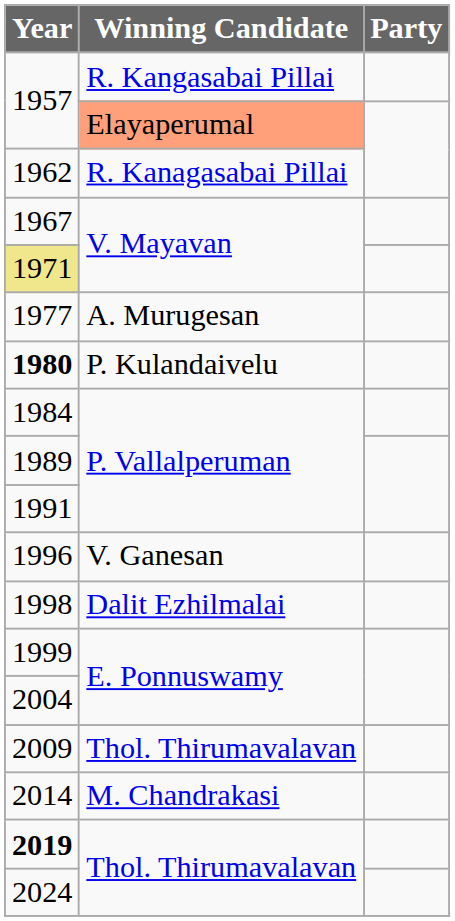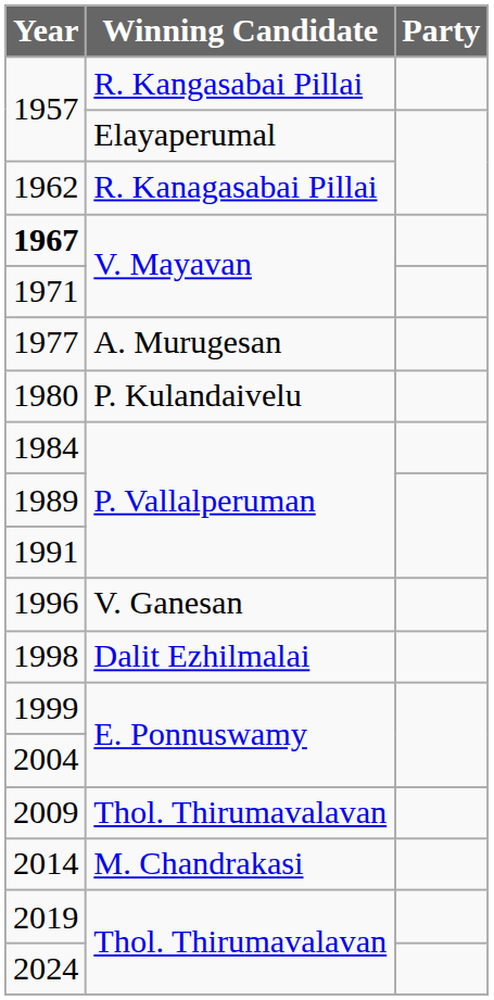 <table class="wikitable sortable">
 <tr>
 <th style="background-color:#666666; color:white">Year</th>
 <th style="background-color:#666666; color:white">Winning Candidate</th>
 <th style="background-color:#666666; color:white" colspan=2>Party</th>
 </tr>
 <tr --->
 <td rowspan=2>1957</td>
 <td><a href='#'>R. Kangasabai Pillai</a></td>
 <td></td>
 </tr>
 <tr --->
-<td style="background: lightsalmon;">Elayaperumal</td>
+<td>Elayaperumal</td>
 </tr>
 <tr --->
 <td>1962</td>
 <td><a href='#'>R. Kanagasabai Pillai</a></td>
 </tr>
 <tr --->
-<td>1967</td>
+<td><strong>1967</strong></td>
 <td rowspan=2><a href='#'>V. Mayavan</a></td>
 <td></td>
 </tr>
 <tr --->
-<td style="background: khaki;">1971</td>
+<td>1971</td>
 </tr>
 <tr --->
 <td>1977</td>
 <td>A. Murugesan</td>
 <td></td>
 </tr>
 <tr --->
-<td><strong>1980</strong></td>
+<td>1980</td>
 <td>P. Kulandaivelu</td>
 <td></td>
 </tr>
 <tr --->
 <td>1984</td>
 <td rowspan=3><a href='#'>P. Vallalperuman</a></td>
 <td></td>
 </tr>
 <tr --->
 <td>1989</td>
 </tr>
 <tr --->
 <td>1991</td>
 </tr>
 <tr --->
 <td>1996</td>
 <td>V. Ganesan</td>
 <td></td>
 </tr>
 <tr --->
 <td>1998</td>
 <td><a href='#'>Dalit Ezhilmalai</a></td>
 <td></td>
 </tr>
 <tr --->
 <td>1999</td>
 <td rowspan=2><a href='#'>E. Ponnuswamy</a></td>
 </tr>
 <tr --->
 <td>2004</td>
 </tr>
 <tr --->
 <td>2009</td>
 <td><a href='#'>Thol. Thirumavalavan</a></td>
 <td></td>
 </tr>
 <tr>
 <td>2014</td>
 <td><a href='#'>M. Chandrakasi</a></td>
 <td></td>
 </tr>
 <tr>
-<td><strong>2019</strong></td>
+<td>2019</td>
 <td rowspan="2"><a href='#'>Thol. Thirumavalavan</a></td>
 <td></td>
 </tr>
 <tr>
 <td>2024</td>
 </tr>
 </table>
